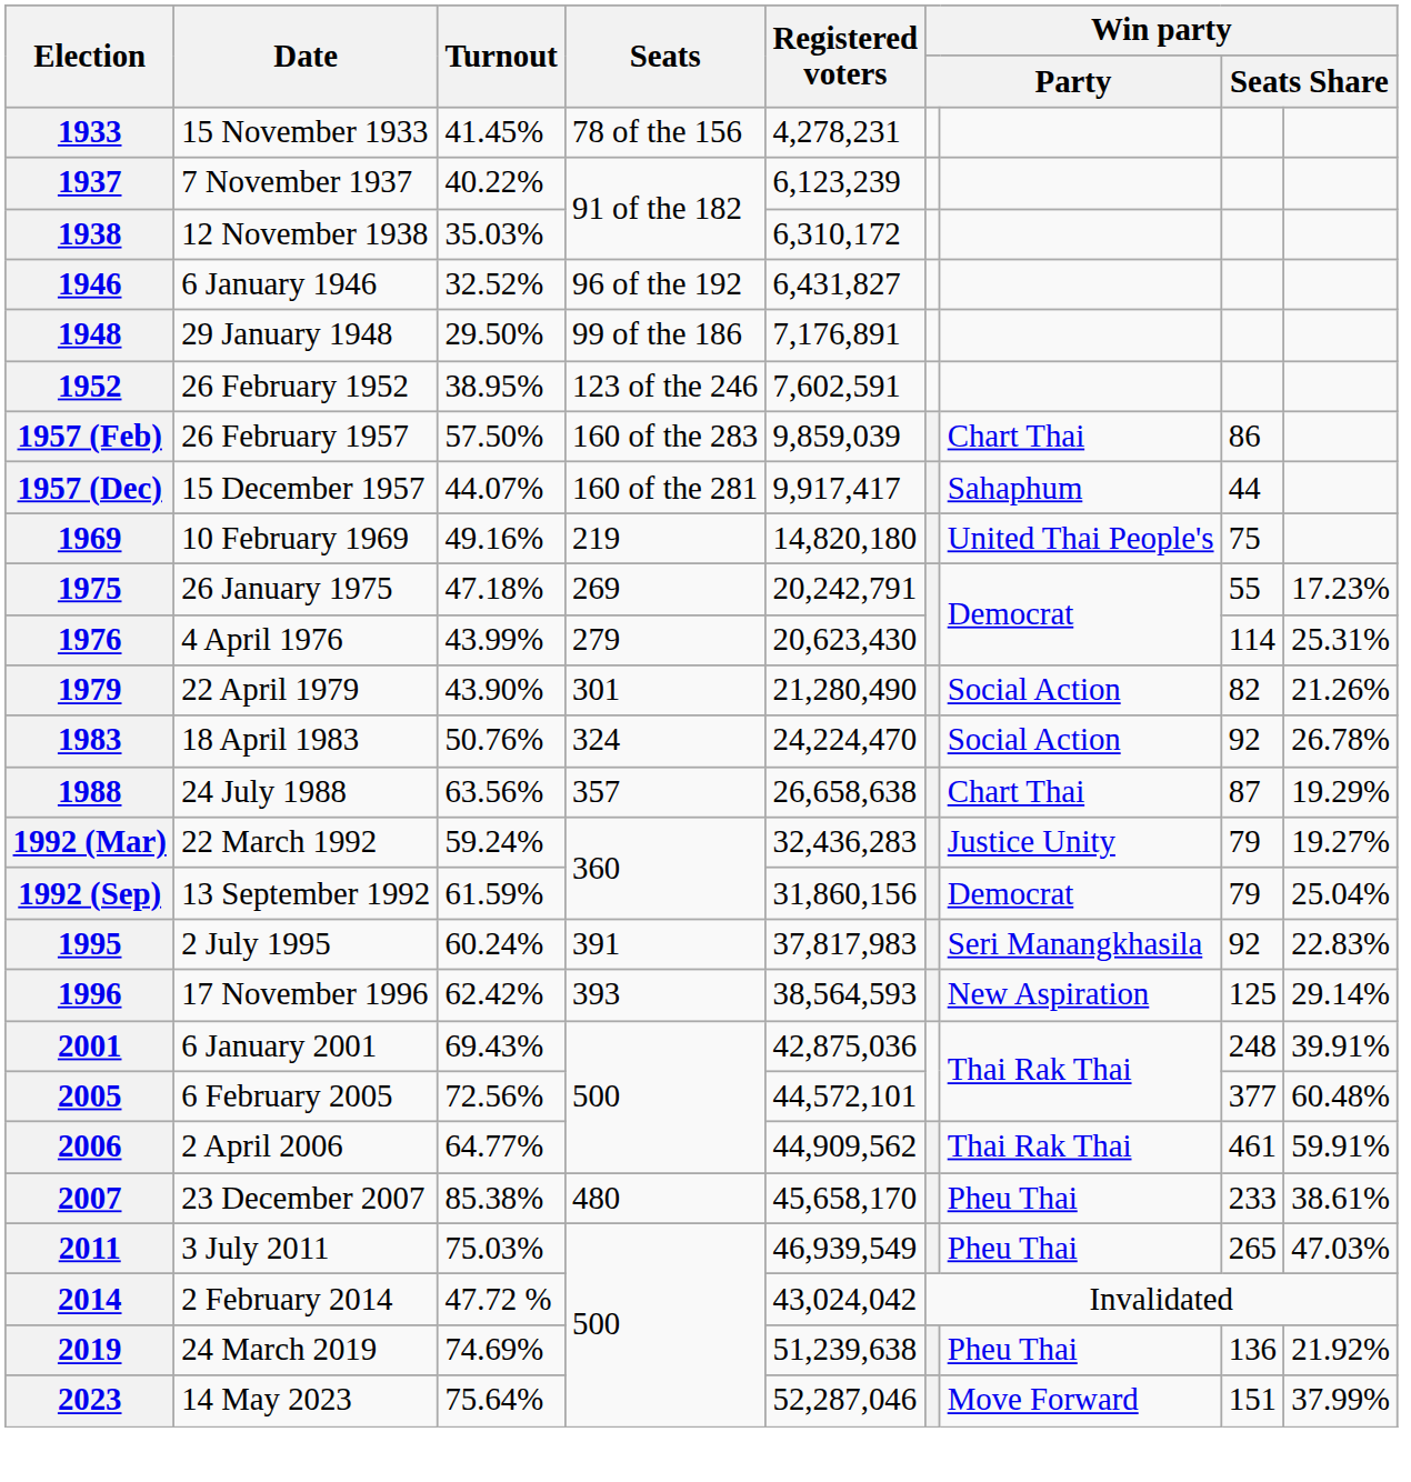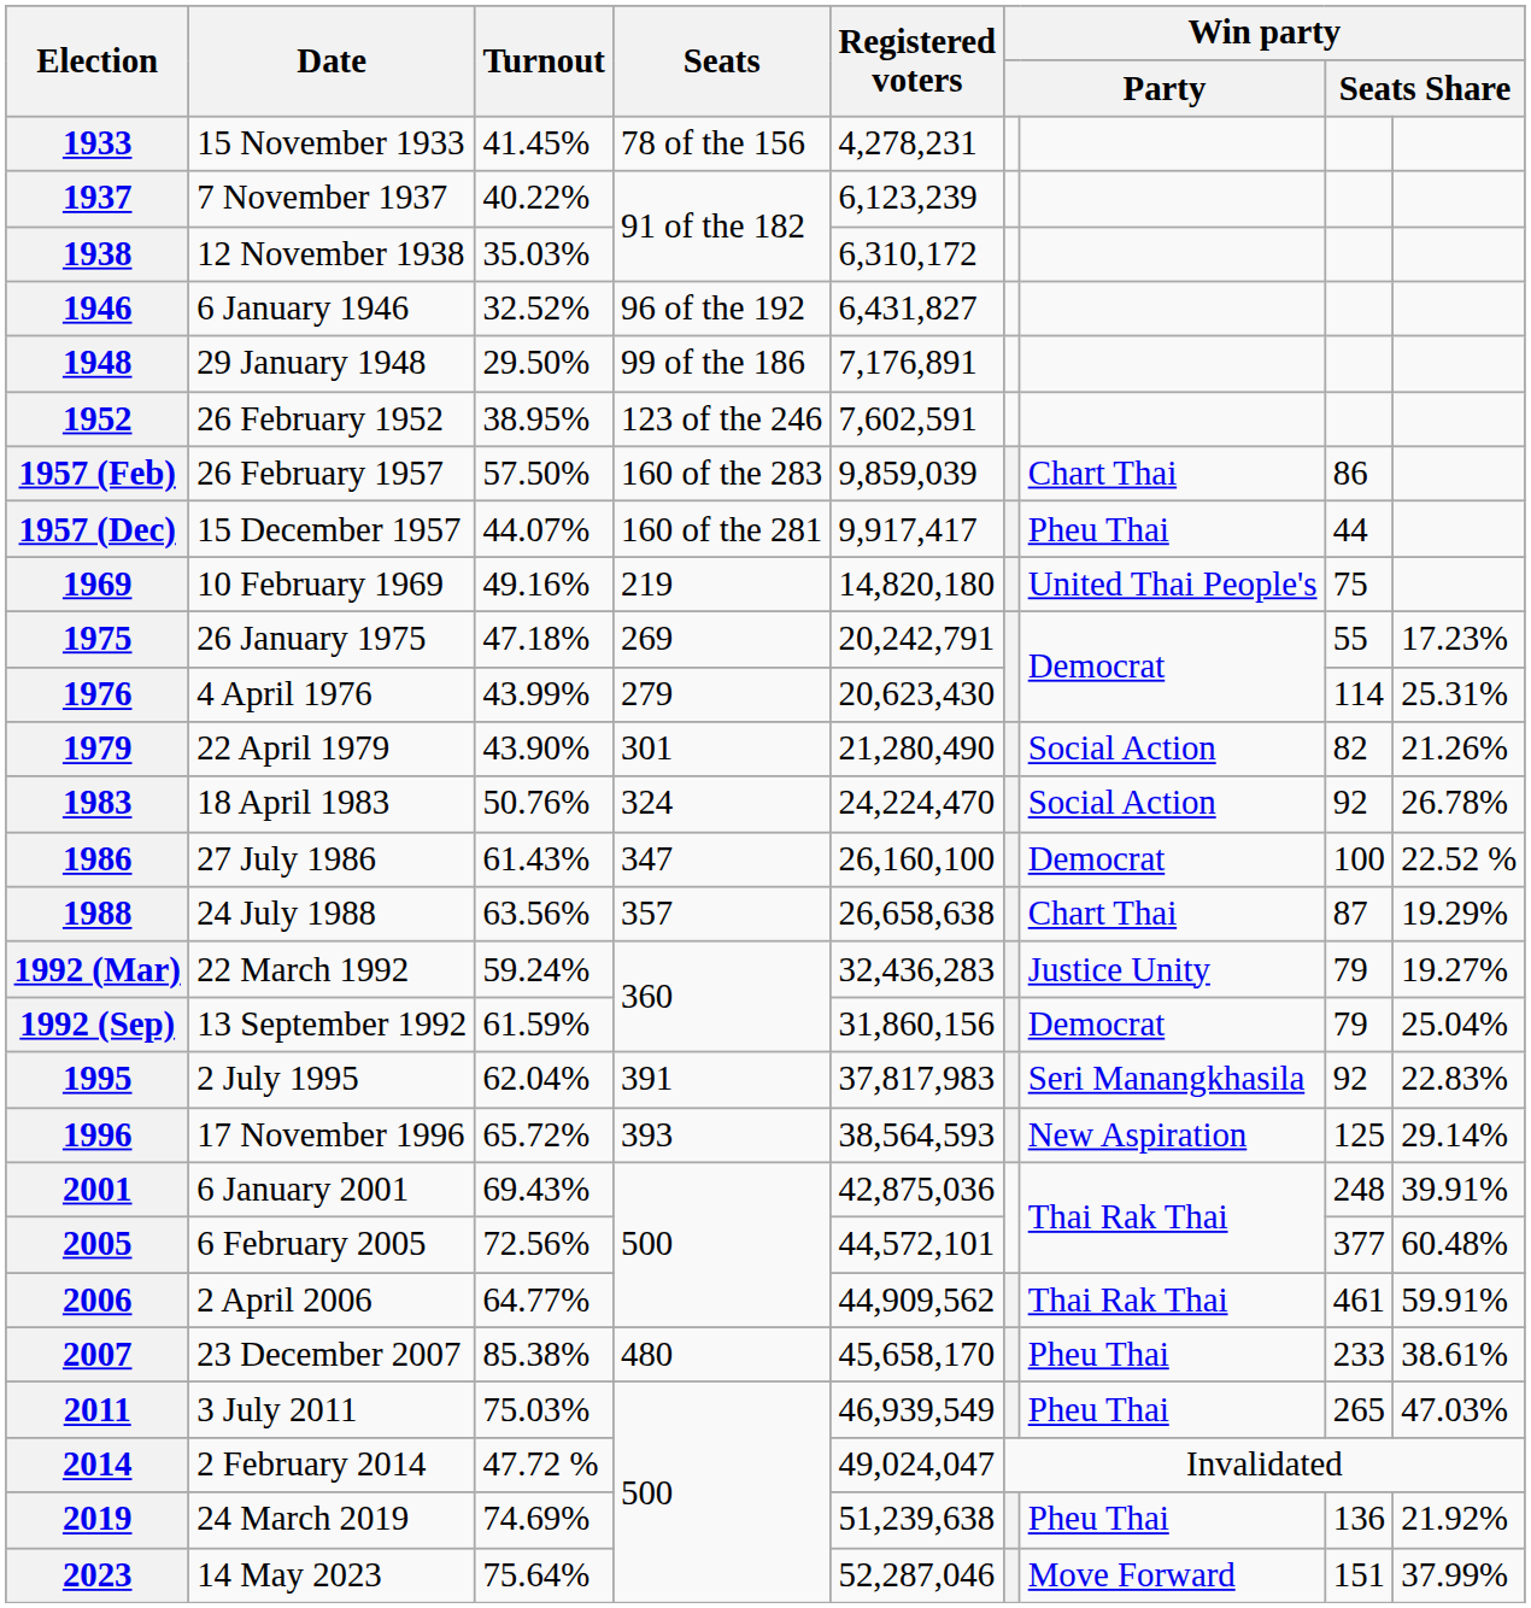 <table class="wikitable">
 <tr>
 <th rowspan=2>Election</th>
 <th rowspan=2>Date</th>
 <th rowspan=2>Turnout</th>
 <th rowspan=2>Seats</th>
 <th rowspan=2>Registered <br> voters</th>
 <th colspan=4>Win party</th>
 </tr>
 <tr>
 <th colspan=2>Party</th>
 <th colspan=2>Seats Share</th>
 </tr>
 <tr>
 <th><a href='#'>1933</a></th>
 <td>15 November 1933</td>
 <td>41.45%</td>
 <td>78 of the 156</td>
 <td>4,278,231</td>
 <td></td>
 <td></td>
 <td></td>
 <td></td>
 </tr>
 <tr>
 <th><a href='#'>1937</a></th>
 <td>7 November 1937</td>
 <td>40.22%</td>
 <td rowspan=2>91 of the 182</td>
 <td>6,123,239</td>
 <td></td>
 <td></td>
 <td></td>
 <td></td>
 </tr>
 <tr>
 <th><a href='#'>1938</a></th>
 <td>12 November 1938</td>
 <td>35.03%</td>
 <td>6,310,172</td>
 <td></td>
 <td></td>
 <td></td>
 <td></td>
 </tr>
 <tr>
 <th><a href='#'>1946</a></th>
 <td>6 January 1946</td>
 <td>32.52%</td>
 <td>96 of the 192</td>
 <td>6,431,827</td>
 <td></td>
 <td></td>
 <td></td>
 <td></td>
 </tr>
 <tr>
 <th><a href='#'>1948</a></th>
 <td>29 January 1948</td>
 <td>29.50%</td>
 <td>99 of the 186</td>
 <td>7,176,891</td>
 <td></td>
 <td></td>
 <td></td>
 <td></td>
 </tr>
 <tr>
 <th><a href='#'>1952</a></th>
 <td>26 February 1952</td>
 <td>38.95%</td>
 <td>123 of the 246</td>
 <td>7,602,591</td>
 <td></td>
 <td></td>
 <td></td>
 <td></td>
 </tr>
 <tr>
 <th><a href='#'>1957 (Feb)</a></th>
 <td>26 February 1957</td>
 <td>57.50%</td>
 <td>160 of the 283</td>
 <td>9,859,039</td>
 <th style="background:"></th>
 <td><a href='#'>Chart Thai</a></td>
 <td>86</td>
 <td></td>
 </tr>
 <tr>
 <th><a href='#'>1957 (Dec)</a></th>
 <td>15 December 1957</td>
 <td>44.07%</td>
 <td>160 of the 281</td>
 <td>9,917,417</td>
 <th style="background:"></th>
-<td><a href='#'>Sahaphum</a></td>
+<td><a href='#'>Pheu Thai</a><br></td>
 <td>44</td>
 <td></td>
 </tr>
 <tr>
 <th><a href='#'>1969</a></th>
 <td>10 February 1969</td>
 <td>49.16%</td>
 <td>219</td>
 <td>14,820,180</td>
 <th style="background:"></th>
 <td><a href='#'>United Thai People's</a></td>
 <td>75</td>
 <td></td>
 </tr>
 <tr>
 <th><a href='#'>1975</a></th>
 <td>26 January 1975</td>
 <td>47.18%</td>
 <td>269</td>
 <td>20,242,791</td>
 <th rowspan="2" style="background:"></th>
 <td rowspan=2><a href='#'>Democrat</a></td>
 <td>55</td>
 <td>17.23%</td>
 </tr>
 <tr>
 <th><a href='#'>1976</a></th>
 <td>4 April 1976</td>
 <td>43.99%</td>
 <td>279</td>
 <td>20,623,430</td>
 <td>114</td>
 <td>25.31%</td>
 </tr>
 <tr>
 <th><a href='#'>1979</a></th>
 <td>22 April 1979</td>
 <td>43.90%</td>
 <td>301</td>
 <td>21,280,490</td>
 <th style="background:"></th>
 <td><a href='#'> Social Action</a><br></td>
 <td>82</td>
 <td>21.26%</td>
 </tr>
 <tr>
 <th><a href='#'>1983</a></th>
 <td>18 April 1983</td>
 <td>50.76%</td>
 <td>324</td>
 <td>24,224,470</td>
 <th style="background:"></th>
 <td><a href='#'> Social Action</a></td>
 <td>92</td>
 <td>26.78%</td>
 </tr>
 <tr>
+<th><a href='#'>1986</a></th>
+<td>27 July 1986</td>
+<td>61.43%</td>
+<td>347</td>
+<td>26,160,100</td>
+<th style="background:"></th>
+<td><a href='#'>Democrat</a></td>
+<td>100</td>
+<td>22.52 %</td>
+</tr>
+<tr>
 <th><a href='#'>1988</a></th>
 <td>24 July 1988</td>
 <td>63.56%</td>
 <td>357</td>
 <td>26,658,638</td>
 <th style="background:"></th>
 <td><a href='#'>Chart Thai</a></td>
 <td>87</td>
 <td>19.29%</td>
 </tr>
 <tr>
 <th><a href='#'>1992 (Mar)</a></th>
 <td>22 March 1992</td>
 <td>59.24%</td>
 <td rowspan=2>360</td>
 <td>32,436,283</td>
 <th style="background:"></th>
 <td><a href='#'>Justice Unity</a></td>
 <td>79</td>
 <td>19.27%</td>
 </tr>
 <tr>
 <th><a href='#'>1992 (Sep)</a></th>
 <td>13 September 1992</td>
 <td>61.59%</td>
 <td>31,860,156</td>
 <th style="background:"></th>
 <td><a href='#'>Democrat</a></td>
 <td>79</td>
 <td>25.04%</td>
 </tr>
 <tr>
 <th><a href='#'>1995</a></th>
 <td>2 July 1995</td>
-<td>60.24%</td>
+<td>62.04%</td>
 <td>391</td>
 <td>37,817,983</td>
 <th style="background:"></th>
 <td><a href='#'>Seri Manangkhasila</a></td>
 <td>92</td>
 <td>22.83%</td>
 </tr>
 <tr>
 <th><a href='#'>1996</a></th>
 <td>17 November 1996</td>
-<td>62.42%</td>
+<td>65.72%</td>
 <td>393</td>
 <td>38,564,593</td>
 <th style="background:"></th>
 <td><a href='#'>New Aspiration</a></td>
 <td>125</td>
 <td>29.14%</td>
 </tr>
 <tr>
 <th><a href='#'>2001</a></th>
 <td>6 January 2001</td>
 <td>69.43%</td>
 <td rowspan=3>500</td>
 <td>42,875,036</td>
 <td rowspan=2 ! style="background:"></td>
 <td rowspan=2><a href='#'>Thai Rak Thai</a></td>
 <td>248</td>
 <td>39.91%</td>
 </tr>
 <tr>
 <th><a href='#'>2005</a></th>
 <td>6 February 2005</td>
 <td>72.56%</td>
 <td>44,572,101</td>
 <td>377</td>
 <td>60.48%</td>
 </tr>
 <tr>
 <th><a href='#'>2006</a></th>
 <td>2 April 2006</td>
 <td>64.77%</td>
 <td>44,909,562</td>
 <th style="background:"></th>
 <td><a href='#'>Thai Rak Thai</a><br></td>
 <td>461<br></td>
 <td>59.91%<br></td>
 </tr>
 <tr>
 <th><a href='#'>2007</a></th>
 <td>23 December 2007</td>
 <td>85.38%</td>
 <td>480</td>
 <td>45,658,170</td>
 <th style="background:"></th>
 <td><a href='#'>Pheu Thai</a></td>
 <td>233</td>
 <td>38.61%</td>
 </tr>
 <tr>
 <th><a href='#'>2011</a></th>
 <td>3 July 2011</td>
 <td>75.03%</td>
 <td rowspan=4>500</td>
 <td>46,939,549</td>
 <th style="background:"></th>
 <td><a href='#'>Pheu Thai</a></td>
 <td>265</td>
 <td>47.03%</td>
 </tr>
 <tr>
 <th><a href='#'>2014</a></th>
 <td>2 February 2014</td>
 <td>47.72 %</td>
-<td>43,024,042</td>
+<td>49,024,047</td>
 <td colspan=4 align=center>Invalidated</td>
 </tr>
 <tr>
 <th><a href='#'>2019</a></th>
 <td>24 March 2019</td>
 <td>74.69%</td>
 <td>51,239,638</td>
 <th style="background:"></th>
 <td><a href='#'>Pheu Thai</a><br></td>
 <td>136</td>
 <td>21.92%</td>
 </tr>
 <tr>
 <th><a href='#'>2023</a></th>
 <td>14 May 2023</td>
 <td>75.64%</td>
 <td>52,287,046</td>
 <th style="background:"></th>
 <td><a href='#'>Move Forward</a><br></td>
 <td>151</td>
 <td>37.99%</td>
 </tr>
 </table>
